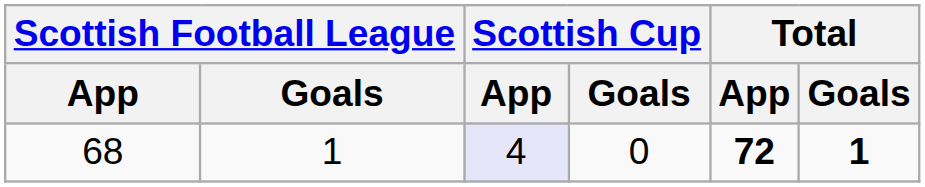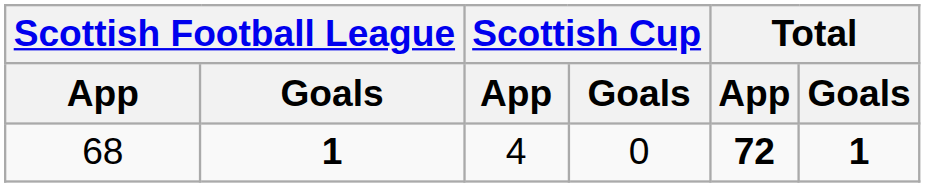 <table class="wikitable" style="text-align: center">
 <tr>
 <th colspan="2"><a href='#'>Scottish Football League</a></th>
 <th colspan="2"><a href='#'>Scottish Cup</a></th>
 <th colspan="2">Total</th>
 </tr>
 <tr>
 <th>App</th>
 <th>Goals</th>
 <th>App</th>
 <th>Goals</th>
 <th>App</th>
 <th>Goals</th>
 </tr>
 <tr>
 <td>68</td>
-<td>1</td>
-<td style="background: lavender;">4</td>
+<td><strong>1</strong></td>
+<td>4</td>
 <td>0</td>
 <td><strong>72</strong></td>
 <td><strong>1</strong></td>
 </tr>
 </table>
